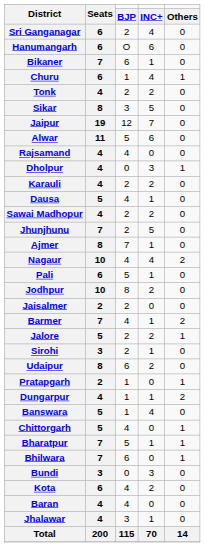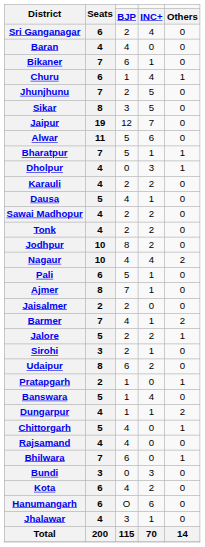 <table class="wikitable" style="text-align:center;">
 <tr>
 <th rowspan="2">District</th>
 <th rowspan="2">Seats</th>
 <td></td>
 <td></td>
 <td></td>
 </tr>
 <tr>
 <th><a href='#'>BJP</a></th>
 <th><a href='#'>INC+</a></th>
 <th>Others</th>
 </tr>
 <tr>
 <th><a href='#'>Sri Ganganagar</a></th>
 <th>6</th>
 <td>2</td>
 <td style="background:">4</td>
 <td>0</td>
 </tr>
 <tr>
-<th><a href='#'>Hanumangarh</a></th>
-<th>6</th>
-<td>O</td>
-<td style="background:">6</td>
+<th><a href='#'>Baran</a></th>
+<th>4</th>
+<td style="background:">4</td>
+<td>0</td>
 <td>0</td>
 </tr>
 <tr>
 <th><a href='#'>Bikaner</a></th>
 <th>7</th>
 <td style="background:">6</td>
 <td>1</td>
 <td>0</td>
 </tr>
 <tr>
 <th><a href='#'>Churu</a></th>
 <th>6</th>
 <td>1</td>
 <td style="background:">4</td>
 <td>1</td>
 </tr>
 <tr>
-<th><a href='#'>Tonk</a></th>
-<th>4</th>
+<th><a href='#'>Jhunjhunu</a></th>
+<th>7</th>
 <td>2</td>
-<td>2</td>
+<td style="background:">5</td>
 <td>0</td>
 </tr>
 <tr>
 <th><a href='#'>Sikar</a></th>
 <th>8</th>
 <td>3</td>
 <td style="background:">5</td>
 <td>0</td>
 </tr>
 <tr>
 <th><a href='#'>Jaipur</a></th>
 <th>19</th>
 <td style="background:">12</td>
 <td>7</td>
 <td>0</td>
 </tr>
 <tr>
 <th><a href='#'>Alwar</a></th>
 <th>11</th>
 <td>5</td>
 <td style="background:">6</td>
 <td>0</td>
 </tr>
 <tr>
-<th><a href='#'>Rajsamand</a></th>
-<th>4</th>
-<td style="background:">4</td>
-<td>0</td>
-<td>0</td>
+<th><a href='#'>Bharatpur</a></th>
+<th>7</th>
+<td style="background:">5</td>
+<td>1</td>
+<td>1</td>
 </tr>
 <tr>
 <th><a href='#'>Dholpur</a></th>
 <th>4</th>
 <td>0</td>
 <td style="background:">3</td>
 <td>1</td>
 </tr>
 <tr>
 <th><a href='#'>Karauli</a></th>
 <th>4</th>
 <td>2</td>
 <td>2</td>
 <td>0</td>
 </tr>
 <tr>
 <th><a href='#'>Dausa</a></th>
 <th>5</th>
 <td style="background:">4</td>
 <td>1</td>
 <td>0</td>
 </tr>
 <tr>
 <th><a href='#'>Sawai Madhopur</a></th>
 <th>4</th>
 <td>2</td>
 <td>2</td>
 <td>0</td>
 </tr>
 <tr>
-<th><a href='#'>Jhunjhunu</a></th>
-<th>7</th>
+<th><a href='#'>Tonk</a></th>
+<th>4</th>
 <td>2</td>
-<td style="background:">5</td>
+<td>2</td>
 <td>0</td>
 </tr>
 <tr>
-<th><a href='#'>Ajmer</a></th>
-<th>8</th>
-<td style="background:">7</td>
-<td>1</td>
+<th><a href='#'>Jodhpur</a></th>
+<th>10</th>
+<td style="background:">8</td>
+<td>2</td>
 <td>0</td>
 </tr>
 <tr>
 <th><a href='#'>Nagaur</a></th>
 <th>10</th>
 <td>4</td>
 <td>4</td>
 <td>2</td>
 </tr>
 <tr>
 <th><a href='#'>Pali</a></th>
 <th>6</th>
 <td style="background:">5</td>
 <td>1</td>
 <td>0</td>
 </tr>
 <tr>
-<th><a href='#'>Jodhpur</a></th>
-<th>10</th>
-<td style="background:">8</td>
-<td>2</td>
+<th><a href='#'>Ajmer</a></th>
+<th>8</th>
+<td style="background:">7</td>
+<td>1</td>
 <td>0</td>
 </tr>
 <tr>
 <th><a href='#'>Jaisalmer</a></th>
 <th>2</th>
 <td style="background:">2</td>
 <td>0</td>
 <td>0</td>
 </tr>
 <tr>
 <th><a href='#'>Barmer</a></th>
 <th>7</th>
 <td style="background:">4</td>
 <td>1</td>
 <td>2</td>
 </tr>
 <tr>
 <th><a href='#'>Jalore</a></th>
 <th>5</th>
 <td>2</td>
 <td>2</td>
 <td>1</td>
 </tr>
 <tr>
 <th><a href='#'>Sirohi</a></th>
 <th>3</th>
 <td style="background:">2</td>
 <td>1</td>
 <td>0</td>
 </tr>
 <tr>
 <th><a href='#'>Udaipur</a></th>
 <th>8</th>
 <td style="background:">6</td>
 <td>2</td>
 <td>0</td>
 </tr>
 <tr>
 <th><a href='#'>Pratapgarh</a></th>
 <th>2</th>
 <td>1</td>
 <td>0</td>
 <td>1</td>
 </tr>
 <tr>
+<th><a href='#'>Banswara</a></th>
+<th>5</th>
+<td>1</td>
+<td style="background:">4</td>
+<td>0</td>
+</tr>
+<tr>
 <th><a href='#'>Dungarpur</a></th>
 <th>4</th>
 <td>1</td>
 <td>1</td>
 <td style="background:">2</td>
-</tr>
-<tr>
-<th><a href='#'>Banswara</a></th>
-<th>5</th>
-<td>1</td>
-<td style="background:">4</td>
-<td>0</td>
 </tr>
 <tr>
 <th><a href='#'>Chittorgarh</a></th>
 <th>5</th>
 <td style="background:">4</td>
 <td>0</td>
 <td>1</td>
 </tr>
 <tr>
-<th><a href='#'>Bharatpur</a></th>
-<th>7</th>
-<td style="background:">5</td>
-<td>1</td>
-<td>1</td>
+<th><a href='#'>Rajsamand</a></th>
+<th>4</th>
+<td style="background:">4</td>
+<td>0</td>
+<td>0</td>
 </tr>
 <tr>
 <th><a href='#'>Bhilwara</a></th>
 <th>7</th>
 <td style="background:">6</td>
 <td>0</td>
 <td>1</td>
 </tr>
 <tr>
 <th><a href='#'>Bundi</a></th>
 <th>3</th>
 <td>0</td>
 <td style="background:">3</td>
 <td>0</td>
 </tr>
 <tr>
 <th><a href='#'>Kota</a></th>
 <th>6</th>
 <td style="background:">4</td>
 <td>2</td>
 <td>0</td>
 </tr>
 <tr>
-<th><a href='#'>Baran</a></th>
-<th>4</th>
-<td style="background:">4</td>
-<td>0</td>
+<th><a href='#'>Hanumangarh</a></th>
+<th>6</th>
+<td>O</td>
+<td style="background:">6</td>
 <td>0</td>
 </tr>
 <tr>
 <th><a href='#'>Jhalawar</a></th>
 <th>4</th>
 <td style="background:">3</td>
 <td>1</td>
 <td>0</td>
 </tr>
 <tr>
 <th>Total</th>
 <th>200</th>
 <th>115</th>
 <th>70</th>
 <th>14</th>
 </tr>
 <tr>
 </tr>
 </table>
